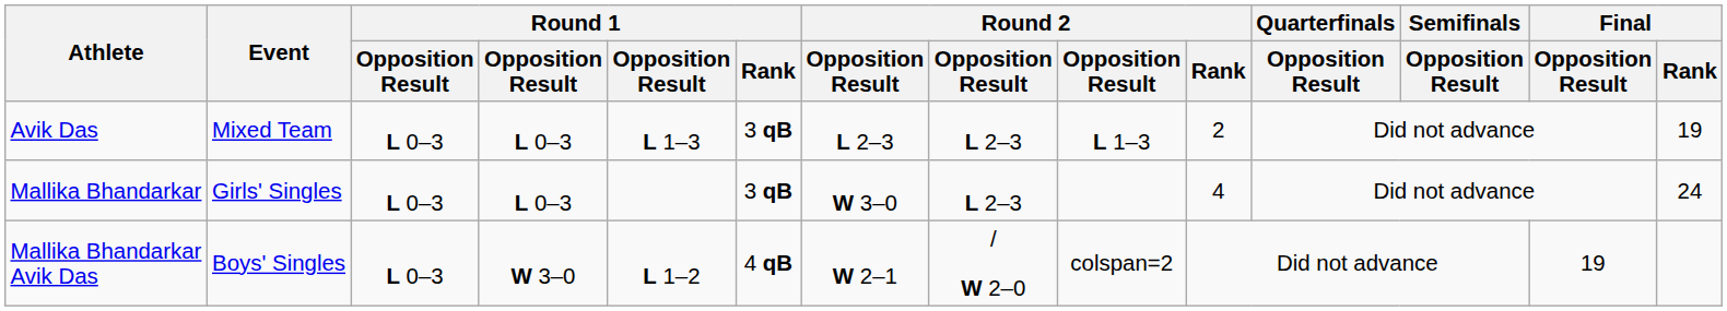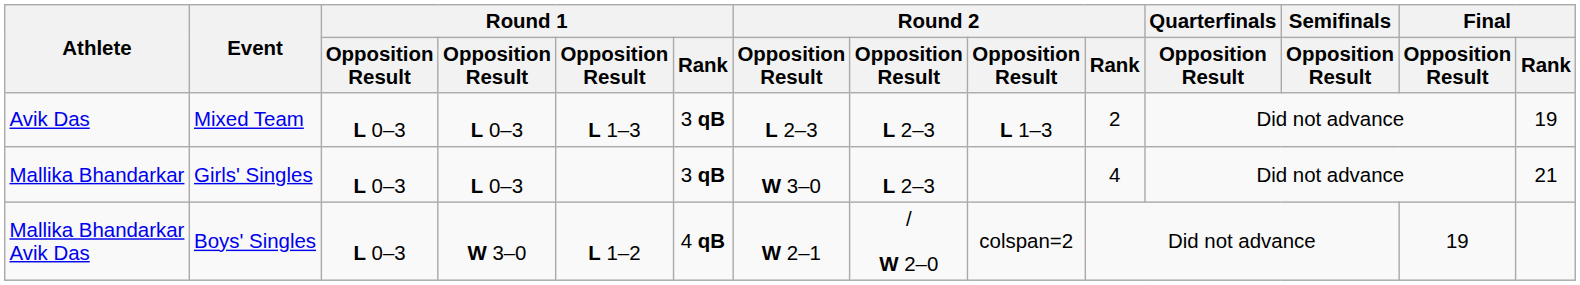 <table class="wikitable" style="font-size:90%;">
 <tr>
 <th rowspan=2>Athlete</th>
 <th rowspan=2>Event</th>
 <th colspan=4>Round 1</th>
 <th colspan=4>Round 2</th>
 <th>Quarterfinals</th>
 <th>Semifinals</th>
 <th colspan=2>Final</th>
 </tr>
 <tr>
 <th>Opposition<br>Result</th>
 <th>Opposition<br>Result</th>
 <th>Opposition<br>Result</th>
 <th>Rank</th>
 <th>Opposition<br>Result</th>
 <th>Opposition<br>Result</th>
 <th>Opposition<br>Result</th>
 <th>Rank</th>
 <th>Opposition<br>Result</th>
 <th>Opposition<br>Result</th>
 <th>Opposition<br>Result</th>
 <th>Rank</th>
 </tr>
 <tr align="center">
 <td align=left><a href='#'>Avik Das</a></td>
 <td align=left><a href='#'>Mixed Team</a></td>
 <td><br><strong>L</strong> 0–3</td>
 <td><br><strong>L</strong> 0–3</td>
 <td><br><strong>L</strong> 1–3</td>
 <td>3 <strong>qB</strong></td>
 <td><br><strong>L</strong> 2–3</td>
 <td><br><strong>L</strong> 2–3</td>
 <td><br><strong>L</strong> 1–3</td>
 <td>2</td>
 <td colspan="3">Did not advance</td>
 <td>19</td>
 </tr>
 <tr align="center">
 <td align=left><a href='#'>Mallika Bhandarkar</a></td>
 <td align=left><a href='#'>Girls' Singles</a></td>
 <td><br><strong>L</strong> 0–3</td>
 <td><br><strong>L</strong> 0–3</td>
 <td></td>
 <td>3 <strong>qB</strong></td>
 <td><br><strong>W</strong> 3–0</td>
 <td><br><strong>L</strong> 2–3</td>
 <td></td>
 <td>4</td>
 <td colspan="3">Did not advance</td>
-<td>24</td>
+<td>21</td>
 </tr>
 <tr align="center">
 <td align=left><a href='#'>Mallika Bhandarkar</a><br><a href='#'>Avik Das</a></td>
 <td align=left><a href='#'>Boys' Singles</a></td>
 <td><br><strong>L</strong> 0–3</td>
 <td><br><strong>W</strong> 3–0</td>
 <td><br><strong>L</strong> 1–2</td>
 <td>4 <strong>qB</strong></td>
 <td><br><strong>W</strong> 2–1</td>
 <td> /<br><br><strong>W</strong> 2–0</td>
 <td>colspan=2 </td>
 <td colspan=3>Did not advance</td>
 <td>19</td>
 </tr>
 </table>
